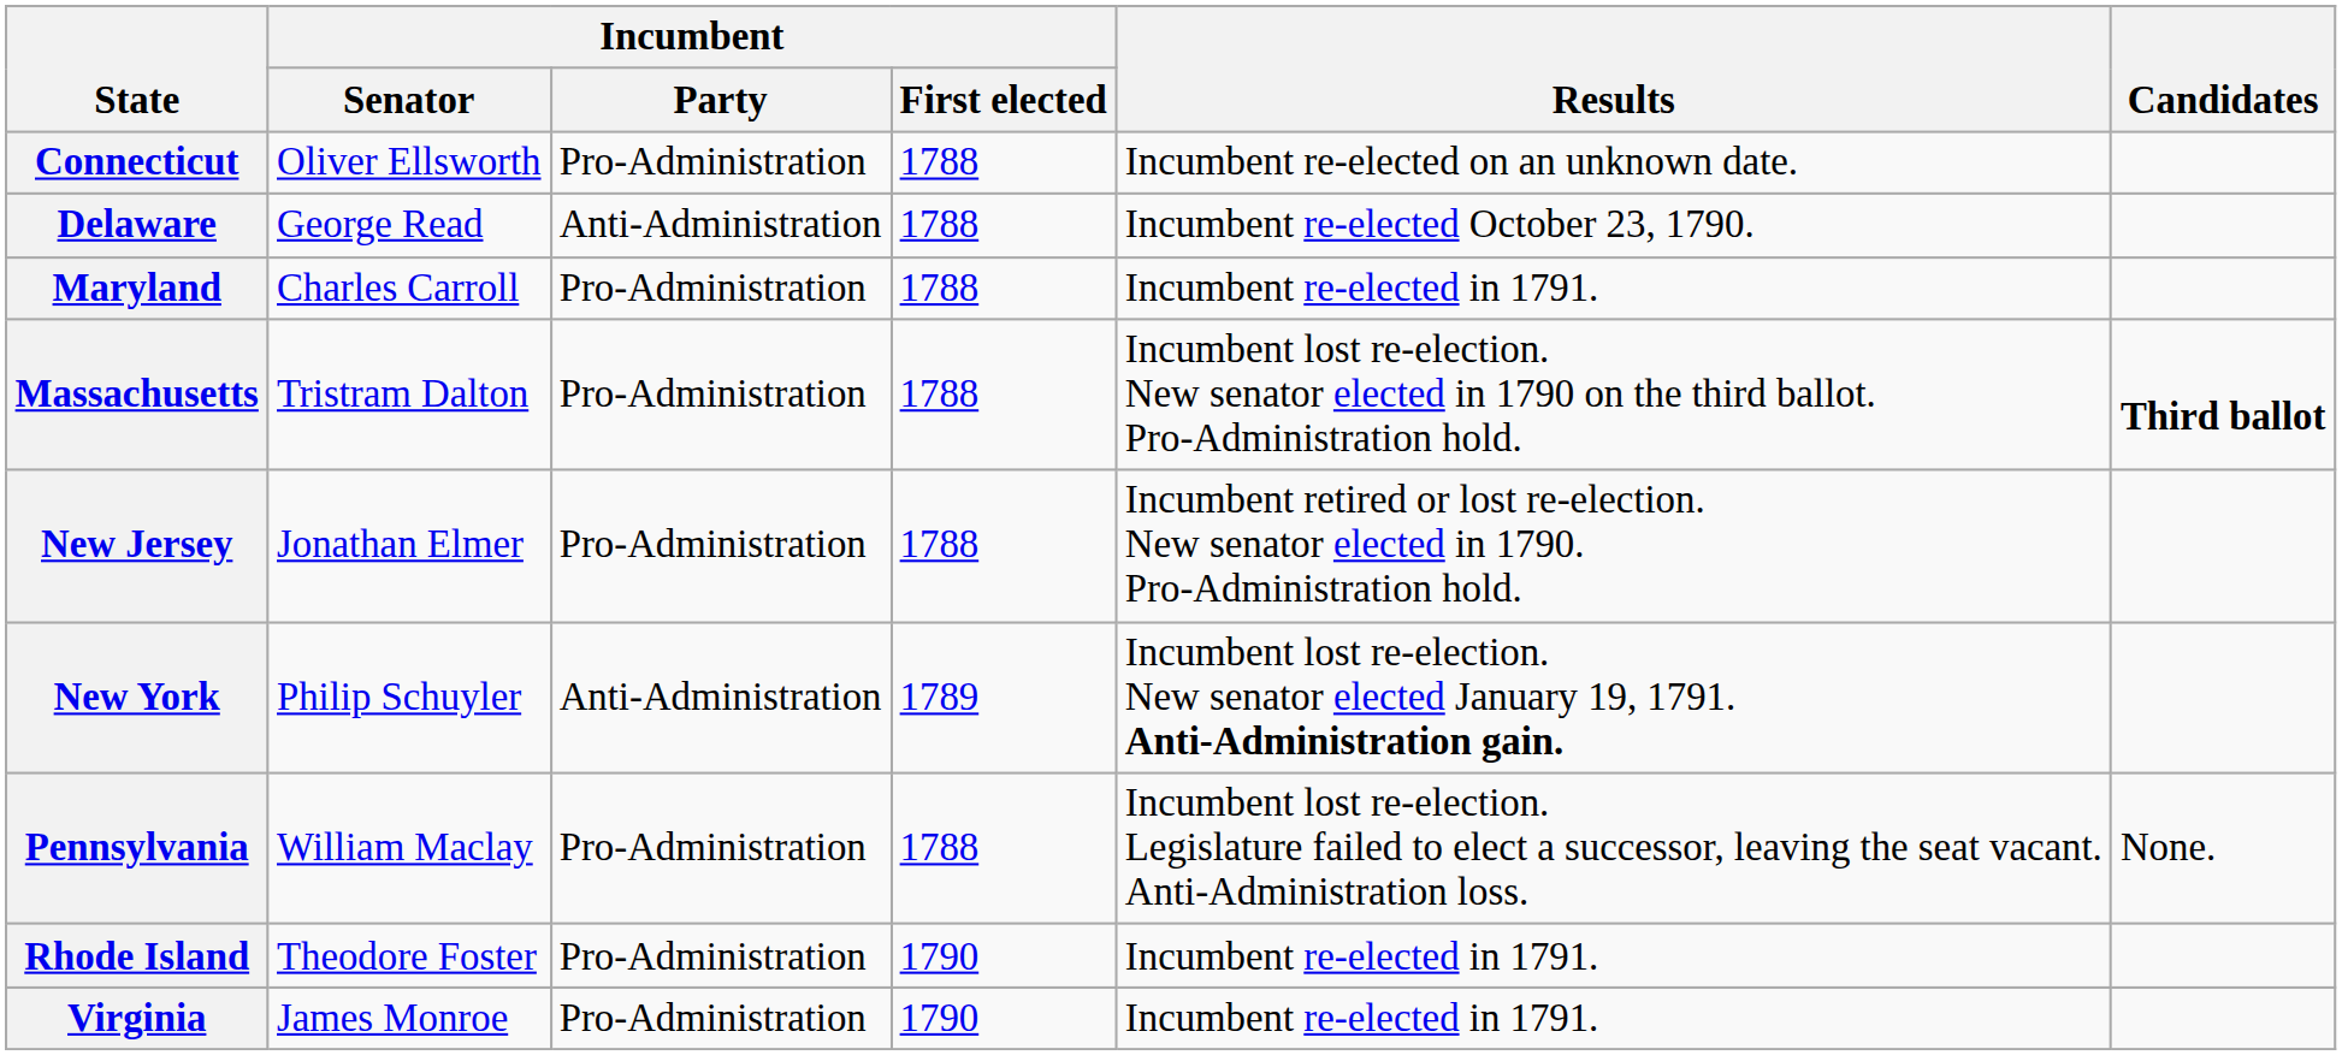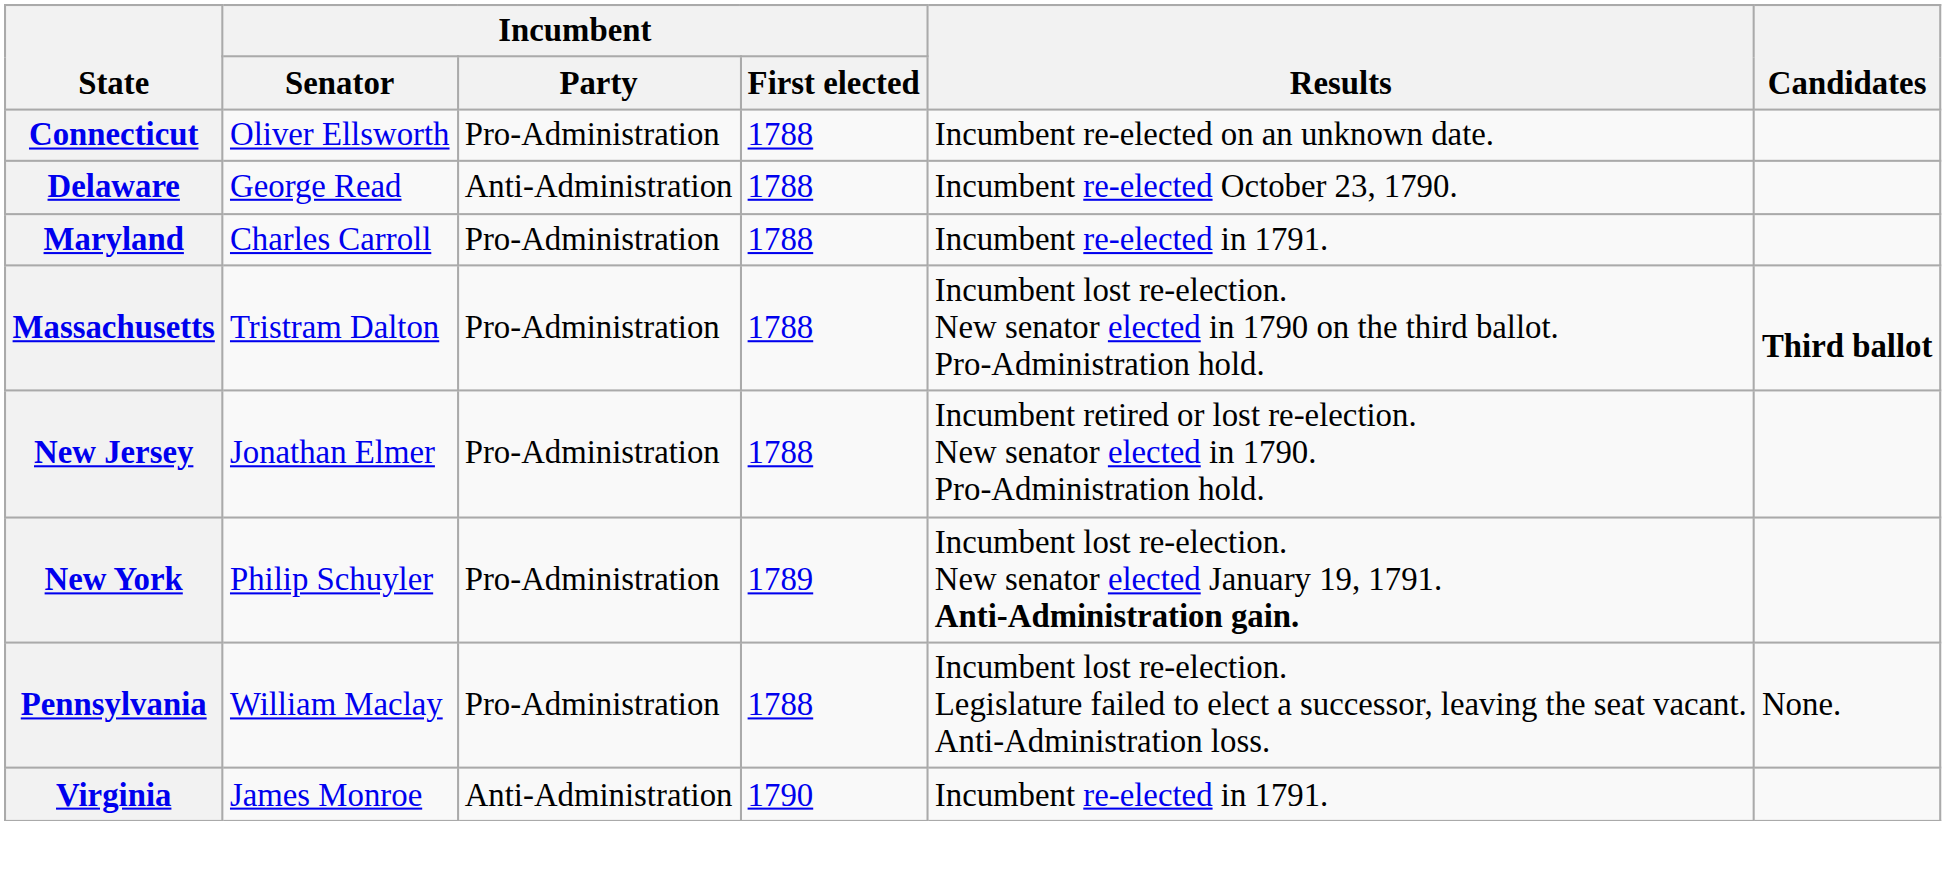 <table class=wikitable>
 <tr valign=bottom>
 <th rowspan=2>State</th>
 <th colspan=3>Incumbent</th>
 <th rowspan=2>Results</th>
 <th rowspan=2>Candidates</th>
 </tr>
 <tr>
 <th>Senator</th>
 <th>Party</th>
 <th>First elected</th>
 </tr>
 <tr>
 <th><a href='#'>Connecticut</a></th>
 <td><a href='#'>Oliver Ellsworth</a></td>
 <td>Pro-Administration</td>
 <td><a href='#'>1788</a></td>
 <td>Incumbent re-elected on an unknown date.</td>
 <td nowrap></td>
 </tr>
 <tr>
 <th><a href='#'>Delaware</a></th>
 <td><a href='#'>George Read</a></td>
 <td>Anti-Administration</td>
 <td><a href='#'>1788</a></td>
 <td>Incumbent <a href='#'>re-elected</a> October 23, 1790.</td>
 <td nowrap></td>
 </tr>
 <tr>
 <th><a href='#'>Maryland</a></th>
 <td><a href='#'>Charles Carroll</a></td>
 <td>Pro-Administration</td>
 <td><a href='#'>1788</a></td>
 <td>Incumbent <a href='#'>re-elected</a> in 1791.</td>
 <td nowrap></td>
 </tr>
 <tr>
 <th><a href='#'>Massachusetts</a></th>
 <td><a href='#'>Tristram Dalton</a></td>
 <td>Pro-Administration</td>
 <td><a href='#'>1788</a></td>
 <td>Incumbent lost re-election.<br>New senator <a href='#'>elected</a> in 1790 on the third ballot.<br>Pro-Administration hold.</td>
 <td nowrap><br><strong>Third ballot</strong>  </td>
 </tr>
 <tr>
 <th><a href='#'>New Jersey</a></th>
 <td><a href='#'>Jonathan Elmer</a></td>
 <td>Pro-Administration</td>
 <td><a href='#'>1788</a></td>
 <td>Incumbent retired or lost re-election.<br>New senator <a href='#'>elected</a> in 1790.<br>Pro-Administration hold.</td>
 <td nowrap></td>
 </tr>
 <tr>
 <th><a href='#'>New York</a></th>
 <td><a href='#'>Philip Schuyler</a></td>
-<td>Anti-Administration</td>
+<td>Pro-Administration</td>
 <td><a href='#'>1789</a></td>
 <td>Incumbent lost re-election.<br>New senator <a href='#'>elected</a> January 19, 1791.<br><strong>Anti-Administration gain.</strong></td>
 <td nowrap></td>
 </tr>
 <tr>
 <th><a href='#'>Pennsylvania</a></th>
 <td><a href='#'>William Maclay</a></td>
 <td>Pro-Administration</td>
 <td><a href='#'>1788</a></td>
 <td>Incumbent lost re-election.<br>Legislature failed to elect a successor, leaving the seat vacant.<br>Anti-Administration loss.</td>
 <td>None.</td>
 </tr>
 <tr>
-<th><a href='#'>Rhode Island</a></th>
-<td><a href='#'>Theodore Foster</a></td>
-<td>Pro-Administration</td>
-<td><a href='#'>1790</a></td>
-<td>Incumbent <a href='#'>re-elected</a> in 1791.</td>
-<td nowrap></td>
-</tr>
-<tr>
 <th><a href='#'>Virginia</a></th>
 <td><a href='#'>James Monroe</a></td>
-<td>Pro-Administration</td>
+<td>Anti-Administration</td>
 <td><a href='#'>1790 </a></td>
 <td>Incumbent <a href='#'>re-elected</a> in 1791.</td>
 <td nowrap></td>
 </tr>
 </table>
